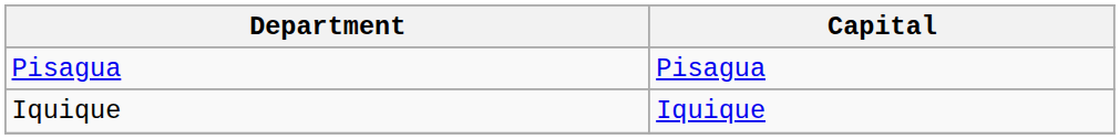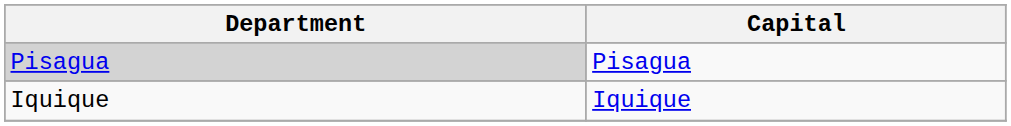 <table class="wikitable" border="1" align="center" width=35%>
 <tr bgcolor="#ececec">
 <th>Department</th>
 <th>Capital</th>
 </tr>
 <tr>
-<td><a href='#'>Pisagua</a></td>
+<td style="background: lightgrey;"><a href='#'>Pisagua</a></td>
 <td><a href='#'>Pisagua</a></td>
 </tr>
 <tr>
 <td>Iquique</td>
 <td><a href='#'>Iquique</a></td>
 </tr>
 <tr>
 </tr>
 </table>
